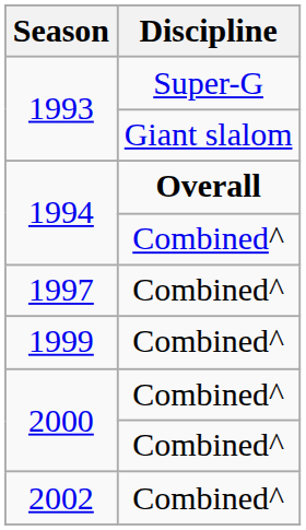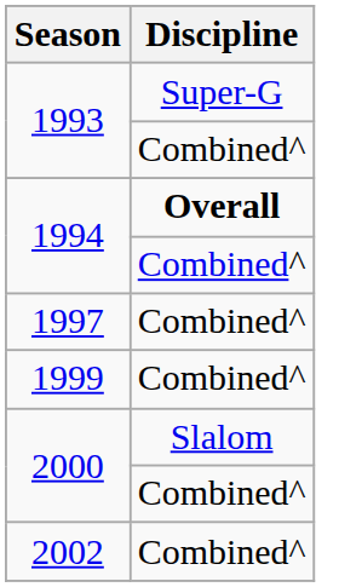 <table class="wikitable">
 <tr>
 <th>Season</th>
 <th>Discipline</th>
 </tr>
 <tr>
 <td rowspan=2 align=center><a href='#'>1993</a></td>
 <td align=center><a href='#'>Super-G</a></td>
 </tr>
 <tr>
-<td align=center><a href='#'>Giant slalom</a></td>
+<td align=center>Combined^</td>
 </tr>
 <tr>
 <td rowspan=2 align=center><a href='#'>1994</a></td>
 <td align=center><strong>Overall</strong></td>
 </tr>
 <tr>
 <td align=center><a href='#'>Combined</a>^</td>
 </tr>
 <tr>
 <td align=center><a href='#'>1997</a></td>
 <td align=center>Combined^</td>
 </tr>
 <tr>
 <td align=center><a href='#'>1999</a></td>
 <td align=center>Combined^</td>
 </tr>
 <tr>
 <td rowspan=2 align=center><a href='#'>2000</a></td>
-<td align=center>Combined^</td>
+<td align=center><a href='#'>Slalom</a></td>
 </tr>
 <tr>
 <td align=center>Combined^</td>
 </tr>
 <tr>
 <td align=center><a href='#'>2002</a></td>
 <td align=center>Combined^</td>
 </tr>
 </table>
